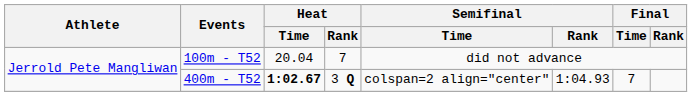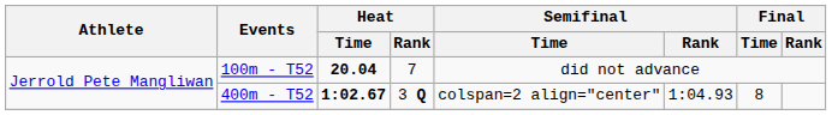 <table class=wikitable style="font-size:90%">
 <tr>
 <th rowspan="2">Athlete</th>
 <th rowspan="2">Events</th>
 <th colspan="2">Heat</th>
 <th colspan="2">Semifinal</th>
 <th colspan="2">Final</th>
 </tr>
 <tr>
 <th>Time</th>
 <th>Rank</th>
 <th>Time</th>
 <th>Rank</th>
 <th>Time</th>
 <th>Rank</th>
 </tr>
 <tr>
 <td rowspan=2><a href='#'>Jerrold Pete Mangliwan</a></td>
 <td><a href='#'>100m - T52</a></td>
-<td align="center">20.04</td>
+<td align="center"><strong>20.04</strong></td>
 <td align="center">7</td>
 <td align="center" colspan=4>did not advance</td>
 </tr>
 <tr>
 <td><a href='#'>400m - T52</a></td>
 <td align="center"><strong>1:02.67</strong></td>
 <td align="center">3 <strong>Q</strong></td>
 <td>colspan=2 align="center" </td>
 <td align="center">1:04.93</td>
-<td align="center">7</td>
+<td align="center">8</td>
 </tr>
 <tr>
 </tr>
 </table>
